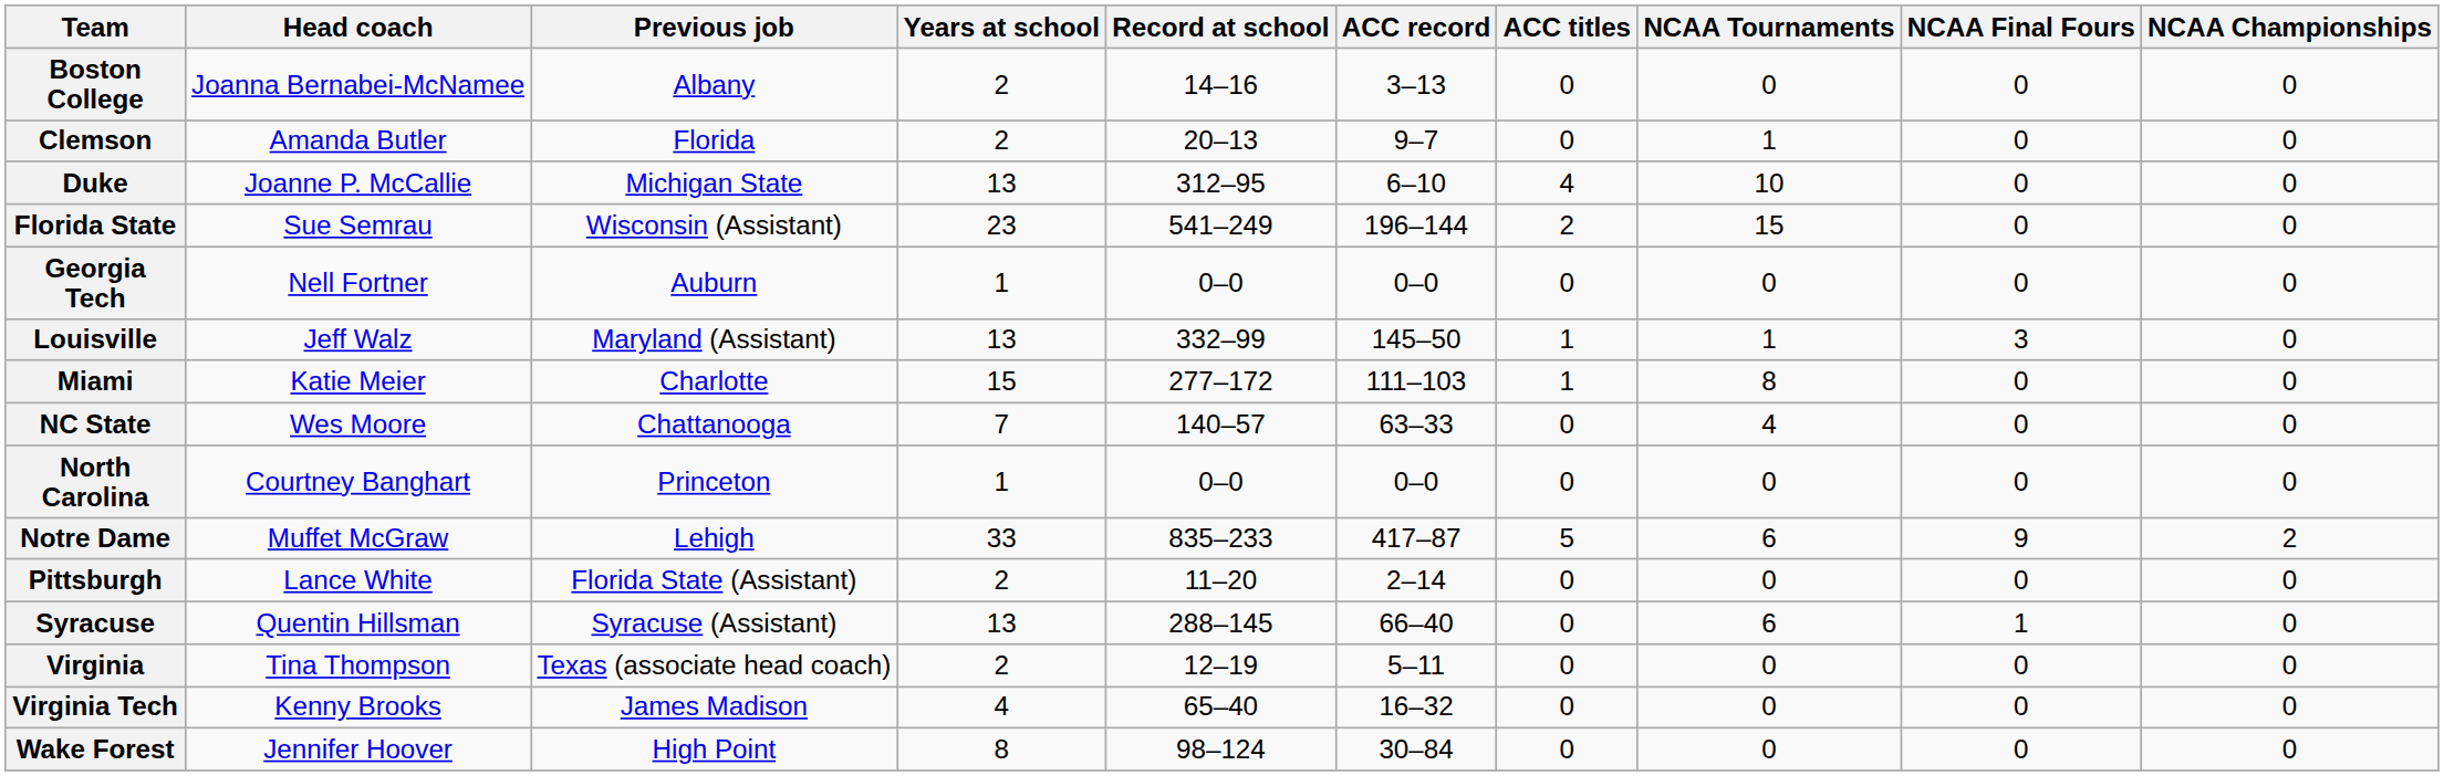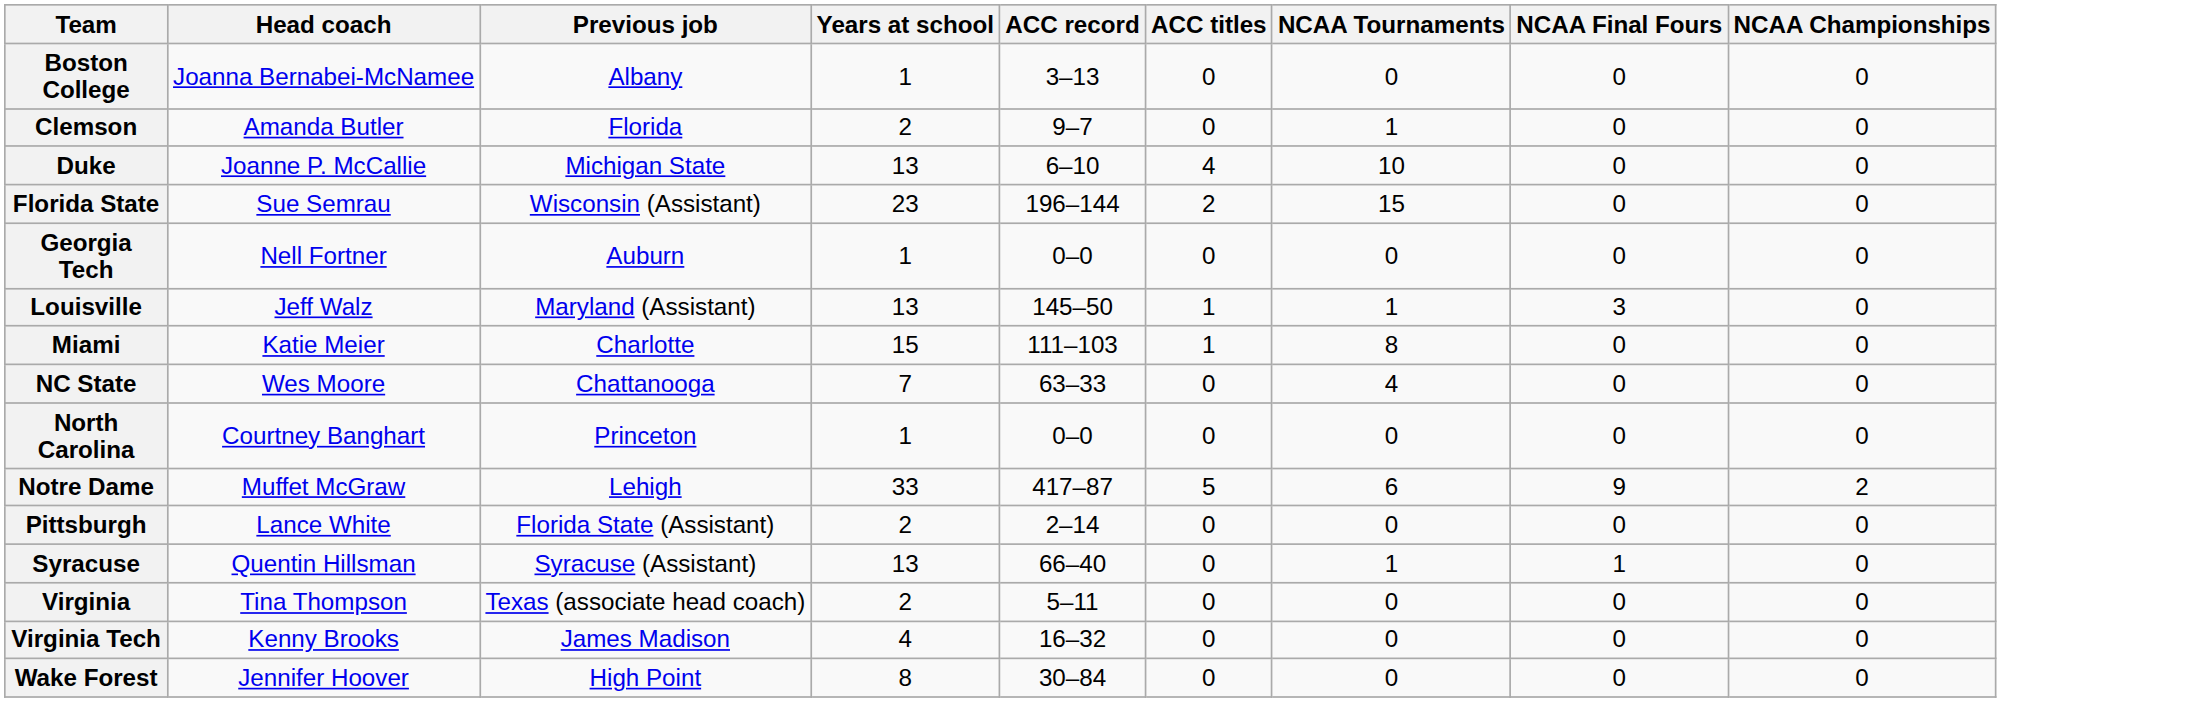 <table class="wikitable sortable" style="text-align: center;font-size:90%;">
 <tr>
 <th width="90">Team</th>
 <th>Head coach</th>
 <th>Previous job</th>
 <th>Years at school</th>
-<th>Record at school</th>
 <th>ACC record</th>
 <th>ACC titles</th>
 <th>NCAA Tournaments</th>
 <th>NCAA Final Fours</th>
 <th>NCAA Championships</th>
 </tr>
 <tr>
 <th style=>Boston College</th>
 <td><a href='#'>Joanna Bernabei-McNamee</a></td>
 <td><a href='#'>Albany</a></td>
-<td>2</td>
-<td>14–16</td>
+<td>1</td>
 <td>3–13</td>
 <td>0</td>
 <td>0</td>
 <td>0</td>
 <td>0</td>
 </tr>
 <tr>
 <th>Clemson</th>
 <td><a href='#'>Amanda Butler</a></td>
 <td><a href='#'>Florida</a></td>
 <td>2</td>
-<td>20–13</td>
 <td>9–7</td>
 <td>0</td>
 <td>1</td>
 <td>0</td>
 <td>0</td>
 </tr>
 <tr>
 <th>Duke</th>
 <td><a href='#'>Joanne P. McCallie</a></td>
 <td><a href='#'>Michigan State</a></td>
 <td>13</td>
-<td>312–95</td>
 <td>6–10</td>
 <td>4</td>
 <td>10</td>
 <td>0</td>
 <td>0</td>
 </tr>
 <tr>
 <th style=>Florida State</th>
 <td><a href='#'>Sue Semrau</a></td>
 <td><a href='#'>Wisconsin</a> (Assistant)</td>
 <td>23</td>
-<td>541–249</td>
 <td>196–144</td>
 <td>2</td>
 <td>15</td>
 <td>0</td>
 <td>0</td>
 </tr>
 <tr>
 <th>Georgia Tech</th>
 <td><a href='#'>Nell Fortner</a></td>
 <td><a href='#'>Auburn</a></td>
 <td>1</td>
 <td>0–0</td>
-<td>0–0</td>
 <td>0</td>
 <td>0</td>
 <td>0</td>
 <td>0</td>
 </tr>
 <tr>
 <th>Louisville</th>
 <td><a href='#'>Jeff Walz</a></td>
 <td><a href='#'>Maryland</a> (Assistant)</td>
 <td>13</td>
-<td>332–99</td>
 <td>145–50</td>
 <td>1</td>
 <td>1</td>
 <td>3</td>
 <td>0</td>
 </tr>
 <tr>
 <th>Miami</th>
 <td><a href='#'>Katie Meier</a></td>
 <td><a href='#'>Charlotte</a></td>
 <td>15</td>
-<td>277–172</td>
 <td>111–103</td>
 <td>1</td>
 <td>8</td>
 <td>0</td>
 <td>0</td>
 </tr>
 <tr>
 <th>NC State</th>
 <td><a href='#'>Wes Moore</a></td>
 <td><a href='#'>Chattanooga</a></td>
 <td>7</td>
-<td>140–57</td>
 <td>63–33</td>
 <td>0</td>
 <td>4</td>
 <td>0</td>
 <td>0</td>
 </tr>
 <tr>
 <th>North Carolina</th>
 <td><a href='#'>Courtney Banghart</a></td>
 <td><a href='#'>Princeton</a></td>
 <td>1</td>
 <td>0–0</td>
-<td>0–0</td>
 <td>0</td>
 <td>0</td>
 <td>0</td>
 <td>0</td>
 </tr>
 <tr>
 <th style=>Notre Dame</th>
 <td><a href='#'>Muffet McGraw</a></td>
 <td><a href='#'>Lehigh</a></td>
 <td>33</td>
-<td>835–233</td>
 <td>417–87</td>
 <td>5</td>
 <td>6</td>
 <td>9</td>
 <td>2</td>
 </tr>
 <tr>
 <th style=>Pittsburgh</th>
 <td><a href='#'>Lance White</a></td>
 <td><a href='#'>Florida State</a> (Assistant)</td>
 <td>2</td>
-<td>11–20</td>
 <td>2–14</td>
 <td>0</td>
 <td>0</td>
 <td>0</td>
 <td>0</td>
 </tr>
 <tr>
 <th style=>Syracuse</th>
 <td><a href='#'>Quentin Hillsman</a></td>
 <td><a href='#'>Syracuse</a> (Assistant)</td>
 <td>13</td>
-<td>288–145</td>
 <td>66–40</td>
 <td>0</td>
-<td>6</td>
+<td>1</td>
 <td>1</td>
 <td>0</td>
 </tr>
 <tr>
 <th>Virginia</th>
 <td><a href='#'>Tina Thompson</a></td>
 <td><a href='#'>Texas</a> (associate head coach)</td>
 <td>2</td>
-<td>12–19</td>
 <td>5–11</td>
 <td>0</td>
 <td>0</td>
 <td>0</td>
 <td>0</td>
 </tr>
 <tr>
 <th>Virginia Tech</th>
 <td><a href='#'>Kenny Brooks</a></td>
 <td><a href='#'>James Madison</a></td>
 <td>4</td>
-<td>65–40</td>
 <td>16–32</td>
 <td>0</td>
 <td>0</td>
 <td>0</td>
 <td>0</td>
 </tr>
 <tr>
 <th style=>Wake Forest</th>
 <td><a href='#'>Jennifer Hoover</a></td>
 <td><a href='#'>High Point</a></td>
 <td>8</td>
-<td>98–124</td>
 <td>30–84</td>
 <td>0</td>
 <td>0</td>
 <td>0</td>
 <td>0</td>
 </tr>
 </table>
